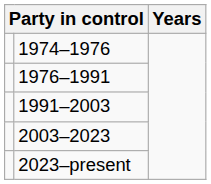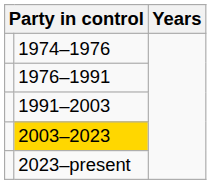 <table class="wikitable">
 <tr>
 <th colspan=2>Party in control</th>
 <th>Years</th>
 </tr>
 <tr>
 <td></td>
 <td>1974–1976</td>
 </tr>
 <tr>
 <td></td>
 <td>1976–1991</td>
 </tr>
 <tr>
 <td></td>
 <td>1991–2003</td>
 </tr>
 <tr>
 <td></td>
-<td>2003–2023</td>
+<td style="background: gold;">2003–2023</td>
 </tr>
 <tr>
 <td></td>
 <td>2023–present</td>
 </tr>
 </table>
